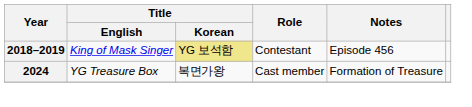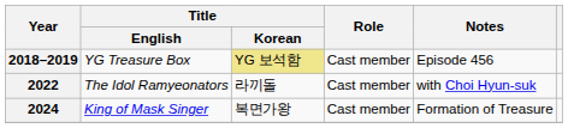 <table class="wikitable sortable plainrowheaders">
 <tr>
 <th scope="col" rowspan="2">Year</th>
 <th scope="col" colspan="2">Title</th>
 <th scope="col" rowspan="2">Role</th>
 <th scope="col" rowspan="2">Notes</th>
 <th scope="col" rowspan="2" class="unsortable"></th>
 </tr>
 <tr>
 <th scope="col">English</th>
 <th scope="col" style="width:6.2em;">Korean</th>
 </tr>
 <tr>
 <th scope="row">2018–2019</th>
-<td><em><a href='#'>King of Mask Singer</a></em></td>
+<td><em>YG Treasure Box</em></td>
 <td style="background: khaki;">YG 보석함</td>
-<td>Contestant</td>
+<td>Cast member</td>
 <td>Episode 456</td>
 <td style="text-align:center"></td>
 </tr>
 <tr>
+<th scope="row">2022</th>
+<td><em>The Idol Ramyeonators</em></td>
+<td>라끼돌</td>
+<td>Cast member</td>
+<td>with <a href='#'>Choi Hyun-suk</a></td>
+<td style="text-align:center"></td>
+</tr>
+<tr>
 <th scope="row">2024</th>
-<td><em>YG Treasure Box</em></td>
+<td><em><a href='#'>King of Mask Singer</a></em></td>
 <td>복면가왕</td>
 <td>Cast member</td>
 <td>Formation of Treasure</td>
 <td style="text-align:center"></td>
 </tr>
 <tr>
 </tr>
 </table>
